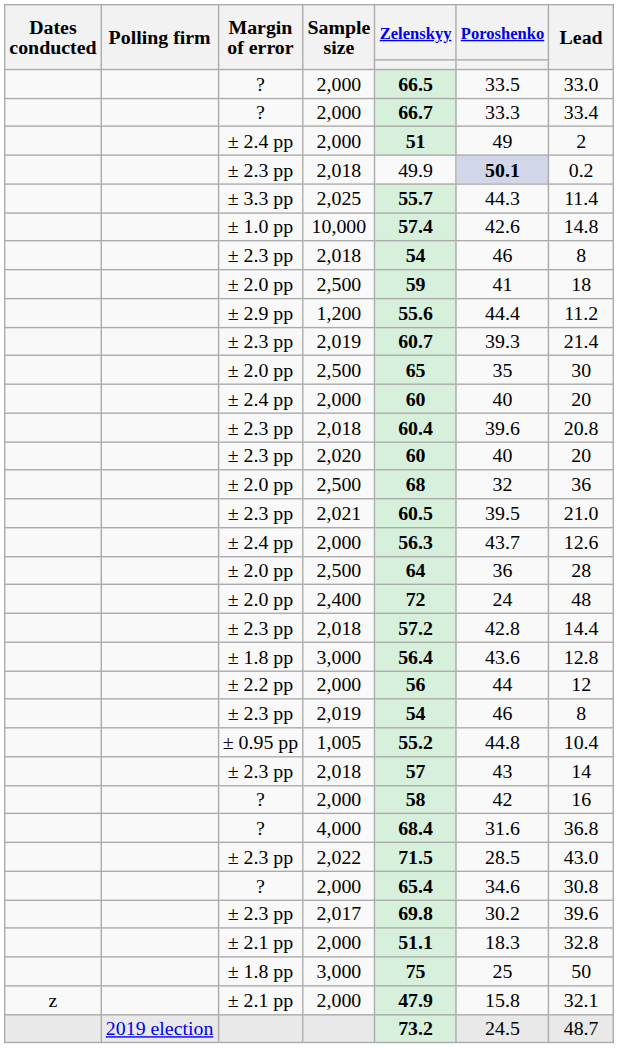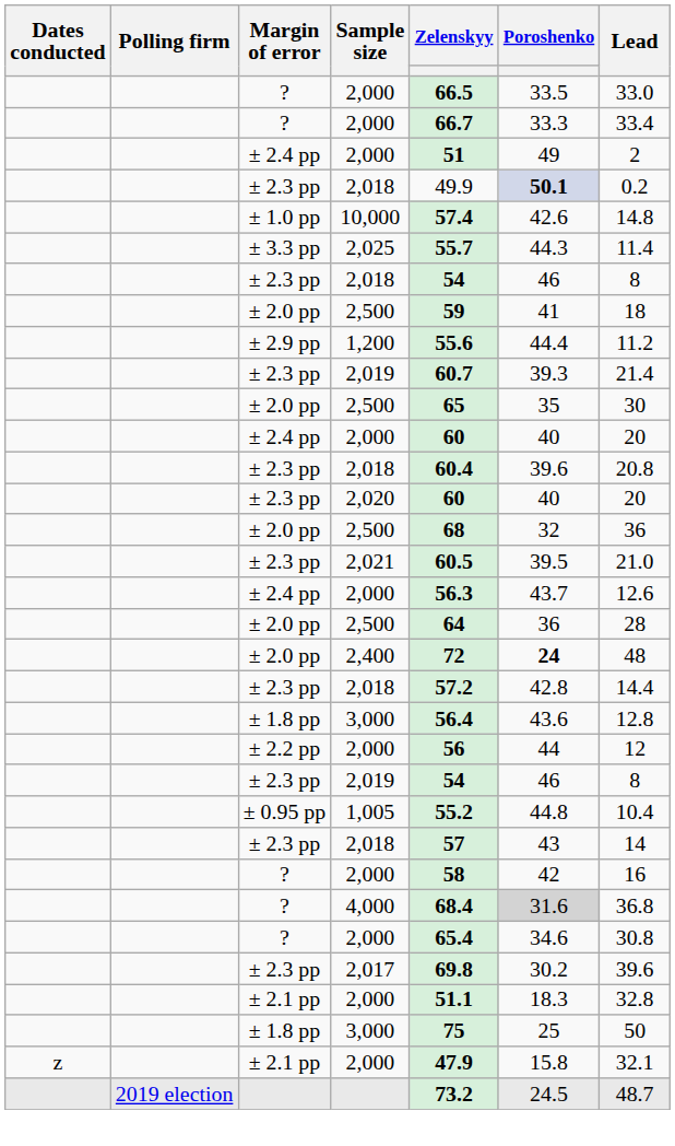 <table class="wikitable sortable mw-datatable mw-collapsible" style="text-align:center;font-size:90%;line-height:14px;">
 <tr style="height:40px;">
 <th rowspan="2">Dates<br>conducted</th>
 <th rowspan="2">Polling firm</th>
 <th rowspan="2">Margin<br>of error</th>
 <th rowspan="2">Sample<br>size</th>
 <th><small><a href='#'>Zelenskyy</a></small><br></th>
 <th> <small><a href='#'>Poroshenko</a></small><br></th>
 <th rowspan="2" style="width:40px;">Lead</th>
 </tr>
 <tr>
 <th data-sort-type="number" style="background:"></th>
 <th data-sort-type="number" style="background:"></th>
 </tr>
 <tr>
 <td></td>
 <td></td>
 <td>?</td>
 <td>2,000</td>
 <td style="background:#D7F0DB;"><strong>66.5</strong></td>
 <td>33.5</td>
 <td style="background:">33.0</td>
 </tr>
 <tr>
 <td></td>
 <td></td>
 <td>?</td>
 <td>2,000</td>
 <td style="background:#D7F0DB;"><strong>66.7</strong></td>
 <td>33.3</td>
 <td style="background:">33.4</td>
 </tr>
 <tr>
 <td></td>
 <td></td>
 <td>± 2.4 pp</td>
 <td>2,000</td>
 <td style="background:#D7F0DB;"><strong>51</strong></td>
 <td>49</td>
 <td style="background:">2</td>
 </tr>
 <tr>
 <td></td>
 <td></td>
 <td>± 2.3 pp</td>
 <td>2,018</td>
 <td>49.9</td>
 <td style="background:#D1D7E9;"><strong>50.1</strong></td>
 <td style="background:">0.2</td>
 </tr>
 <tr>
 <td></td>
 <td></td>
+<td>± 1.0 pp</td>
+<td>10,000</td>
+<td style="background:#D7F0DB;"><strong>57.4</strong></td>
+<td>42.6</td>
+<td style="background:">14.8</td>
+</tr>
+<tr>
+<td></td>
+<td></td>
 <td>± 3.3 pp</td>
 <td>2,025</td>
 <td style="background:#D7F0DB;"><strong>55.7</strong></td>
 <td>44.3</td>
 <td style="background:">11.4</td>
-</tr>
-<tr>
-<td></td>
-<td></td>
-<td>± 1.0 pp</td>
-<td>10,000</td>
-<td style="background:#D7F0DB;"><strong>57.4</strong></td>
-<td>42.6</td>
-<td style="background:">14.8</td>
 </tr>
 <tr>
 <td></td>
 <td></td>
 <td>± 2.3 pp</td>
 <td>2,018</td>
 <td style="background:#D7F0DB;"><strong>54</strong></td>
 <td>46</td>
 <td style="background:">8</td>
 </tr>
 <tr>
 <td></td>
 <td></td>
 <td>± 2.0 pp</td>
 <td>2,500</td>
 <td style="background:#D7F0DB;"><strong>59</strong></td>
 <td>41</td>
 <td style="background:">18</td>
 </tr>
 <tr>
 <td></td>
 <td></td>
 <td>± 2.9 pp</td>
 <td>1,200</td>
 <td style="background:#D7F0DB"><strong>55.6</strong></td>
 <td>44.4</td>
 <td style="background:">11.2</td>
 </tr>
 <tr>
 <td></td>
 <td></td>
 <td>± 2.3 pp</td>
 <td>2,019</td>
 <td style="background:#D7F0DB"><strong>60.7</strong></td>
 <td>39.3</td>
 <td style="background:">21.4</td>
 </tr>
 <tr>
 <td></td>
 <td></td>
 <td>± 2.0 pp</td>
 <td>2,500</td>
 <td style="background:#D7F0DB"><strong>65</strong></td>
 <td>35</td>
 <td style="background:">30</td>
 </tr>
 <tr>
 <td></td>
 <td></td>
 <td>± 2.4 pp</td>
 <td>2,000</td>
 <td style="background:#D7F0DB"><strong>60</strong></td>
 <td>40</td>
 <td style="background:">20</td>
 </tr>
 <tr>
 <td></td>
 <td></td>
 <td>± 2.3 pp</td>
 <td>2,018</td>
 <td style="background:#D7F0DB"><strong>60.4</strong></td>
 <td>39.6</td>
 <td style="background:">20.8</td>
 </tr>
 <tr>
 <td></td>
 <td></td>
 <td>± 2.3 pp</td>
 <td>2,020</td>
 <td style="background:#D7F0DB"><strong>60</strong></td>
 <td>40</td>
 <td style="background:">20</td>
 </tr>
 <tr>
 <td></td>
 <td></td>
 <td>± 2.0 pp</td>
 <td>2,500</td>
 <td style="background:#D7F0DB"><strong>68</strong></td>
 <td>32</td>
 <td style="background:">36</td>
 </tr>
 <tr>
 <td></td>
 <td></td>
 <td>± 2.3 pp</td>
 <td>2,021</td>
 <td style="background:#D7F0DB"><strong>60.5</strong></td>
 <td>39.5</td>
 <td style="background:">21.0</td>
 </tr>
 <tr>
 <td></td>
 <td></td>
 <td>± 2.4 pp</td>
 <td>2,000</td>
 <td style="background:#D7F0DB"><strong>56.3</strong></td>
 <td>43.7</td>
 <td style="background:">12.6</td>
 </tr>
 <tr>
 <td></td>
 <td></td>
 <td>± 2.0 pp</td>
 <td>2,500</td>
 <td style="background:#D7F0DB"><strong>64</strong></td>
 <td>36</td>
 <td style="background:">28</td>
 </tr>
 <tr>
 <td></td>
 <td></td>
 <td>± 2.0 pp</td>
 <td>2,400</td>
 <td style="background:#D7F0DB"><strong>72</strong></td>
-<td>24</td>
+<td><strong>24</strong></td>
 <td style="background:">48</td>
 </tr>
 <tr>
 <td></td>
 <td></td>
 <td>± 2.3 pp</td>
 <td>2,018</td>
 <td style="background:#D7F0DB"><strong>57.2</strong></td>
 <td>42.8</td>
 <td style="background:">14.4</td>
 </tr>
 <tr>
 <td></td>
 <td></td>
 <td>± 1.8 pp</td>
 <td>3,000</td>
 <td style="background:#D7F0DB"><strong>56.4</strong></td>
 <td>43.6</td>
 <td style="background:">12.8</td>
 </tr>
 <tr>
 <td></td>
 <td></td>
 <td>± 2.2 pp</td>
 <td>2,000</td>
 <td style="background:#D7F0DB"><strong>56</strong></td>
 <td>44</td>
 <td style="background:">12</td>
 </tr>
 <tr>
 <td></td>
 <td></td>
 <td>± 2.3 pp</td>
 <td>2,019</td>
 <td style="background:#D7F0DB"><strong>54</strong></td>
 <td>46</td>
 <td style="background:">8</td>
 </tr>
 <tr>
 <td></td>
 <td></td>
 <td>± 0.95 pp</td>
 <td>1,005</td>
 <td style="background:#D7F0DB"><strong>55.2</strong></td>
 <td>44.8</td>
 <td style="background:">10.4</td>
 </tr>
 <tr>
 <td></td>
 <td></td>
 <td>± 2.3 pp</td>
 <td>2,018</td>
 <td style="background:#D7F0DB"><strong>57</strong></td>
 <td>43</td>
 <td style="background:">14</td>
 </tr>
 <tr>
 <td></td>
 <td></td>
 <td>?</td>
 <td>2,000</td>
 <td style="background:#D7F0DB"><strong>58</strong></td>
 <td>42</td>
 <td style="background:">16</td>
 </tr>
 <tr>
 <td></td>
 <td></td>
 <td>?</td>
 <td>4,000</td>
 <td style="background:#D7F0DB"><strong>68.4</strong></td>
-<td>31.6</td>
+<td style="background: lightgrey;">31.6</td>
 <td style="background:">36.8</td>
-</tr>
-<tr>
-<td></td>
-<td></td>
-<td>± 2.3 pp</td>
-<td>2,022</td>
-<td style="background:#D7F0DB"><strong>71.5</strong></td>
-<td>28.5</td>
-<td style="background:">43.0</td>
 </tr>
 <tr>
 <td></td>
 <td></td>
 <td>?</td>
 <td>2,000</td>
 <td style="background:#D7F0DB"><strong>65.4</strong></td>
 <td>34.6</td>
 <td style="background:">30.8</td>
 </tr>
 <tr>
 <td></td>
 <td></td>
 <td>± 2.3 pp</td>
 <td>2,017</td>
 <td style="background:#D7F0DB"><strong>69.8</strong></td>
 <td>30.2</td>
 <td style="background:">39.6</td>
 </tr>
 <tr>
 <td></td>
 <td></td>
 <td>± 2.1 pp</td>
 <td>2,000</td>
 <td style="background:#D7F0DB"><strong>51.1</strong></td>
 <td>18.3</td>
 <td style="background:">32.8</td>
 </tr>
 <tr>
 <td></td>
 <td></td>
 <td>± 1.8 pp</td>
 <td>3,000</td>
 <td style="background:#D7F0DB"><strong>75</strong></td>
 <td>25</td>
 <td style="background:">50</td>
 </tr>
 <tr>
 <td>z</td>
 <td></td>
 <td>± 2.1 pp</td>
 <td>2,000</td>
 <td style="background:#D7F0DB"><strong>47.9</strong></td>
 <td>15.8</td>
 <td style="background:">32.1</td>
 </tr>
 <tr style="background:#E9E9E9;">
 <td></td>
 <td><a href='#'>2019 election</a></td>
 <td></td>
 <td></td>
 <td style="background:#D7F0DB"><strong>73.2</strong></td>
 <td>24.5</td>
 <td style="background:">48.7</td>
 </tr>
 </table>
